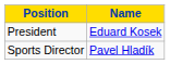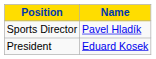 <table class="wikitable">
 <tr>
 <th style="color:#0038AF; background:#FFDD00">Position</th>
 <th style="color:#0038AF; background:#FFDD00">Name</th>
 </tr>
 <tr>
+<td>Sports Director</td>
+<td> <a href='#'>Pavel Hladík</a></td>
+</tr>
+<tr>
 <td>President</td>
 <td> <a href='#'>Eduard Kosek</a></td>
 </tr>
-<tr>
-<td>Sports Director</td>
-<td> <a href='#'>Pavel Hladík</a></td>
-</tr>
 </table>
